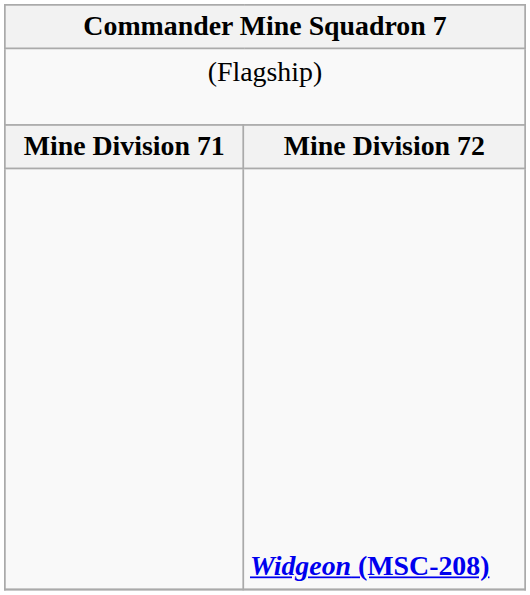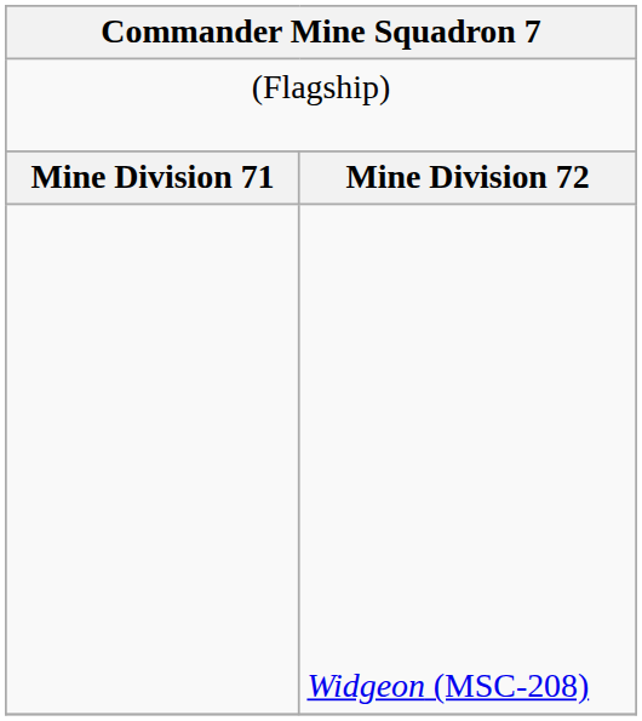 <table class="wikitable" border="1" width="300">
 <tr>
 <th colspan=2>Commander Mine Squadron 7</th>
 </tr>
 <tr>
 <td colspan=2 align="center"> (Flagship)<br><br></td>
 </tr>
 <tr>
 <th>Mine Division 71</th>
 <th>Mine Division 72</th>
 </tr>
 <tr>
 <td valign="top"><br><br><br><br><br></td>
-<td><strong><br><br><br><br><br><br><br><br><br><br><br><br><a href='#'><em>Widgeon</em> (MSC-208)</a><br></strong></td>
+<td><br><br><br><br><br><br><br><br><br><br><br><br><a href='#'><em>Widgeon</em> (MSC-208)</a><br></td>
 </tr>
 <tr>
 </tr>
 </table>
